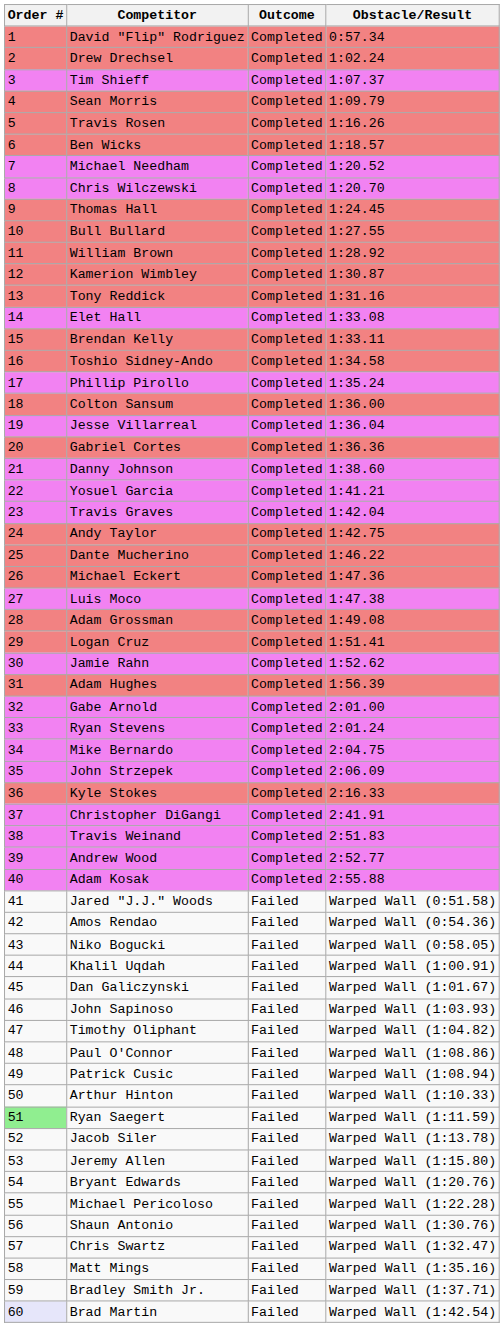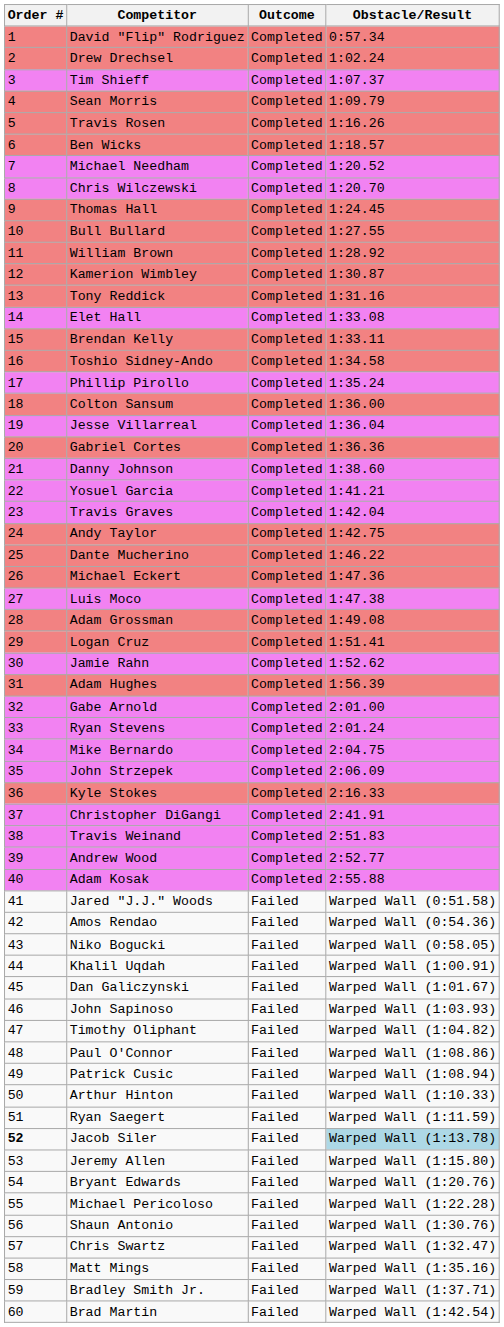 <table class="wikitable sortable">
 <tr>
 <th>Order #</th>
 <th>Competitor</th>
 <th>Outcome</th>
 <th>Obstacle/Result</th>
 </tr>
 <tr style="background-color:#f28282">
 <td>1</td>
 <td>David "Flip" Rodriguez</td>
 <td>Completed</td>
 <td>0:57.34</td>
 </tr>
 <tr style="background-color:#f28282">
 <td>2</td>
 <td>Drew Drechsel</td>
 <td>Completed</td>
 <td>1:02.24</td>
 </tr>
 <tr style="background-color:#f282f2">
 <td>3</td>
 <td>Tim Shieff</td>
 <td>Completed</td>
 <td>1:07.37</td>
 </tr>
 <tr style="background-color:#f28282">
 <td>4</td>
 <td>Sean Morris</td>
 <td>Completed</td>
 <td>1:09.79</td>
 </tr>
 <tr style="background-color:#f28282">
 <td>5</td>
 <td>Travis Rosen</td>
 <td>Completed</td>
 <td>1:16.26</td>
 </tr>
 <tr style="background-color:#f28282">
 <td>6</td>
 <td>Ben Wicks</td>
 <td>Completed</td>
 <td>1:18.57</td>
 </tr>
 <tr style="background-color:#f282f2">
 <td>7</td>
 <td>Michael Needham</td>
 <td>Completed</td>
 <td>1:20.52</td>
 </tr>
 <tr style="background-color:#f282f2">
 <td>8</td>
 <td>Chris Wilczewski</td>
 <td>Completed</td>
 <td>1:20.70</td>
 </tr>
 <tr style="background-color:#f28282">
 <td>9</td>
 <td>Thomas Hall</td>
 <td>Completed</td>
 <td>1:24.45</td>
 </tr>
 <tr style="background-color:#f28282">
 <td>10</td>
 <td>Bull Bullard</td>
 <td>Completed</td>
 <td>1:27.55</td>
 </tr>
 <tr style="background-color:#f28282">
 <td>11</td>
 <td>William Brown</td>
 <td>Completed</td>
 <td>1:28.92</td>
 </tr>
 <tr style="background-color:#f28282">
 <td>12</td>
 <td>Kamerion Wimbley</td>
 <td>Completed</td>
 <td>1:30.87</td>
 </tr>
 <tr style="background-color:#f28282">
 <td>13</td>
 <td>Tony Reddick</td>
 <td>Completed</td>
 <td>1:31.16</td>
 </tr>
 <tr style="background-color:#f282f2">
 <td>14</td>
 <td>Elet Hall</td>
 <td>Completed</td>
 <td>1:33.08</td>
 </tr>
 <tr style="background-color:#f28282">
 <td>15</td>
 <td>Brendan Kelly</td>
 <td>Completed</td>
 <td>1:33.11</td>
 </tr>
 <tr style="background-color:#f28282">
 <td>16</td>
 <td>Toshio Sidney-Ando</td>
 <td>Completed</td>
 <td>1:34.58</td>
 </tr>
 <tr style="background-color:#f282f2">
 <td>17</td>
 <td>Phillip Pirollo</td>
 <td>Completed</td>
 <td>1:35.24</td>
 </tr>
 <tr style="background-color:#f28282">
 <td>18</td>
 <td>Colton Sansum</td>
 <td>Completed</td>
 <td>1:36.00</td>
 </tr>
 <tr style="background-color:#f282f2">
 <td>19</td>
 <td>Jesse Villarreal</td>
 <td>Completed</td>
 <td>1:36.04</td>
 </tr>
 <tr style="background-color:#f28282">
 <td>20</td>
 <td>Gabriel Cortes</td>
 <td>Completed</td>
 <td>1:36.36</td>
 </tr>
 <tr style="background-color:#f282f2">
 <td>21</td>
 <td>Danny Johnson</td>
 <td>Completed</td>
 <td>1:38.60</td>
 </tr>
 <tr style="background-color:#f282f2">
 <td>22</td>
 <td>Yosuel Garcia</td>
 <td>Completed</td>
 <td>1:41.21</td>
 </tr>
 <tr style="background-color:#f282f2">
 <td>23</td>
 <td>Travis Graves</td>
 <td>Completed</td>
 <td>1:42.04</td>
 </tr>
 <tr style="background-color:#f28282">
 <td>24</td>
 <td>Andy Taylor</td>
 <td>Completed</td>
 <td>1:42.75</td>
 </tr>
 <tr style="background-color:#f28282">
 <td>25</td>
 <td>Dante Mucherino</td>
 <td>Completed</td>
 <td>1:46.22</td>
 </tr>
 <tr style="background-color:#f28282">
 <td>26</td>
 <td>Michael Eckert</td>
 <td>Completed</td>
 <td>1:47.36</td>
 </tr>
 <tr style="background-color:#f282f2">
 <td>27</td>
 <td>Luis Moco</td>
 <td>Completed</td>
 <td>1:47.38</td>
 </tr>
 <tr style="background-color:#f28282">
 <td>28</td>
 <td>Adam Grossman</td>
 <td>Completed</td>
 <td>1:49.08</td>
 </tr>
 <tr style="background-color:#f28282">
 <td>29</td>
 <td>Logan Cruz</td>
 <td>Completed</td>
 <td>1:51.41</td>
 </tr>
 <tr style="background-color:#f282f2">
 <td>30</td>
 <td>Jamie Rahn</td>
 <td>Completed</td>
 <td>1:52.62</td>
 </tr>
 <tr style="background-color:#f28282">
 <td>31</td>
 <td>Adam Hughes</td>
 <td>Completed</td>
 <td>1:56.39</td>
 </tr>
 <tr style="background-color:#f282f2">
 <td>32</td>
 <td>Gabe Arnold</td>
 <td>Completed</td>
 <td>2:01.00</td>
 </tr>
 <tr style="background-color:#f282f2">
 <td>33</td>
 <td>Ryan Stevens</td>
 <td>Completed</td>
 <td>2:01.24</td>
 </tr>
 <tr style="background-color:#f282f2">
 <td>34</td>
 <td>Mike Bernardo</td>
 <td>Completed</td>
 <td>2:04.75</td>
 </tr>
 <tr style="background-color:#f282f2">
 <td>35</td>
 <td>John Strzepek</td>
 <td>Completed</td>
 <td>2:06.09</td>
 </tr>
 <tr style="background-color:#f28282">
 <td>36</td>
 <td>Kyle Stokes</td>
 <td>Completed</td>
 <td>2:16.33</td>
 </tr>
 <tr style="background-color:#f282f2">
 <td>37</td>
 <td>Christopher DiGangi</td>
 <td>Completed</td>
 <td>2:41.91</td>
 </tr>
 <tr style="background-color:#f282f2">
 <td>38</td>
 <td>Travis Weinand</td>
 <td>Completed</td>
 <td>2:51.83</td>
 </tr>
 <tr style="background-color:#f282f2">
 <td>39</td>
 <td>Andrew Wood</td>
 <td>Completed</td>
 <td>2:52.77</td>
 </tr>
 <tr style="background-color:#f282f2">
 <td>40</td>
 <td>Adam Kosak</td>
 <td>Completed</td>
 <td>2:55.88</td>
 </tr>
 <tr>
 <td>41</td>
 <td>Jared "J.J." Woods</td>
 <td>Failed</td>
 <td>Warped Wall (0:51.58)</td>
 </tr>
 <tr>
 <td>42</td>
 <td>Amos Rendao</td>
 <td>Failed</td>
 <td>Warped Wall (0:54.36)</td>
 </tr>
 <tr>
 <td>43</td>
 <td>Niko Bogucki</td>
 <td>Failed</td>
 <td>Warped Wall (0:58.05)</td>
 </tr>
 <tr>
 <td>44</td>
 <td>Khalil Uqdah</td>
 <td>Failed</td>
 <td>Warped Wall (1:00.91)</td>
 </tr>
 <tr>
 <td>45</td>
 <td>Dan Galiczynski</td>
 <td>Failed</td>
 <td>Warped Wall (1:01.67)</td>
 </tr>
 <tr>
 <td>46</td>
 <td>John Sapinoso</td>
 <td>Failed</td>
 <td>Warped Wall (1:03.93)</td>
 </tr>
 <tr>
 <td>47</td>
 <td>Timothy Oliphant</td>
 <td>Failed</td>
 <td>Warped Wall (1:04.82)</td>
 </tr>
 <tr>
 <td>48</td>
 <td>Paul O'Connor</td>
 <td>Failed</td>
 <td>Warped Wall (1:08.86)</td>
 </tr>
 <tr>
 <td>49</td>
 <td>Patrick Cusic</td>
 <td>Failed</td>
 <td>Warped Wall (1:08.94)</td>
 </tr>
 <tr>
 <td>50</td>
 <td>Arthur Hinton</td>
 <td>Failed</td>
 <td>Warped Wall (1:10.33)</td>
 </tr>
 <tr>
-<td style="background: lightgreen;">51</td>
+<td>51</td>
 <td>Ryan Saegert</td>
 <td>Failed</td>
 <td>Warped Wall (1:11.59)</td>
 </tr>
 <tr>
-<td>52</td>
+<td><strong>52</strong></td>
 <td>Jacob Siler</td>
 <td>Failed</td>
-<td>Warped Wall (1:13.78)</td>
+<td style="background: lightblue;">Warped Wall (1:13.78)</td>
 </tr>
 <tr>
 <td>53</td>
 <td>Jeremy Allen</td>
 <td>Failed</td>
 <td>Warped Wall (1:15.80)</td>
 </tr>
 <tr>
 <td>54</td>
 <td>Bryant Edwards</td>
 <td>Failed</td>
 <td>Warped Wall (1:20.76)</td>
 </tr>
 <tr>
 <td>55</td>
 <td>Michael Pericoloso</td>
 <td>Failed</td>
 <td>Warped Wall (1:22.28)</td>
 </tr>
 <tr>
 <td>56</td>
 <td>Shaun Antonio</td>
 <td>Failed</td>
 <td>Warped Wall (1:30.76)</td>
 </tr>
 <tr>
 <td>57</td>
 <td>Chris Swartz</td>
 <td>Failed</td>
 <td>Warped Wall (1:32.47)</td>
 </tr>
 <tr>
 <td>58</td>
 <td>Matt Mings</td>
 <td>Failed</td>
 <td>Warped Wall (1:35.16)</td>
 </tr>
 <tr>
 <td>59</td>
 <td>Bradley Smith Jr.</td>
 <td>Failed</td>
 <td>Warped Wall (1:37.71)</td>
 </tr>
 <tr>
-<td style="background: lavender;">60</td>
+<td>60</td>
 <td>Brad Martin</td>
 <td>Failed</td>
 <td>Warped Wall (1:42.54)</td>
 </tr>
 </table>
